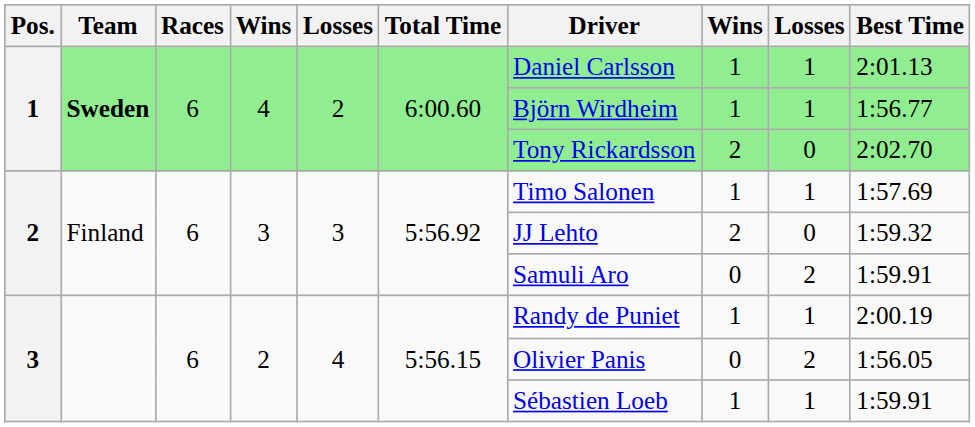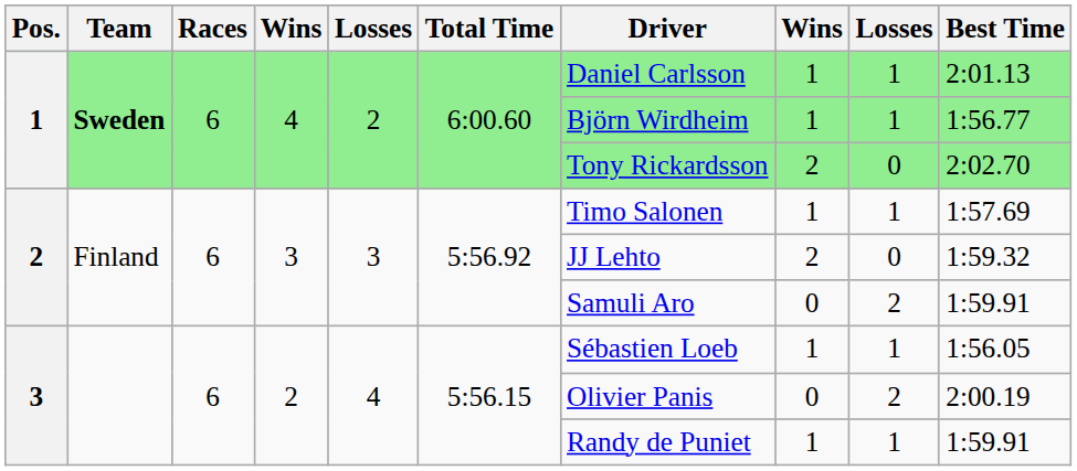 <table class="wikitable" style="font-size: 95%;">
 <tr>
 <th>Pos.</th>
 <th>Team</th>
 <th>Races</th>
 <th>Wins</th>
 <th>Losses</th>
 <th>Total Time</th>
 <th>Driver</th>
 <th>Wins</th>
 <th>Losses</th>
 <th>Best Time</th>
 </tr>
 <tr style="background:lightgreen;">
 <th rowspan=3>1</th>
 <td rowspan=3> <strong>Sweden</strong></td>
 <td rowspan=3 align=center>6</td>
 <td rowspan=3 align=center>4</td>
 <td rowspan=3 align=center>2</td>
 <td rowspan=3 align=center>6:00.60</td>
 <td> <a href='#'>Daniel Carlsson</a></td>
 <td align=center>1</td>
 <td align=center>1</td>
 <td>2:01.13</td>
 </tr>
 <tr style="background:lightgreen;">
 <td> <a href='#'>Björn Wirdheim</a></td>
 <td align=center>1</td>
 <td align=center>1</td>
 <td>1:56.77</td>
 </tr>
 <tr style="background:lightgreen;">
 <td> <a href='#'>Tony Rickardsson</a></td>
 <td align=center>2</td>
 <td align=center>0</td>
 <td>2:02.70</td>
 </tr>
 <tr>
 <th rowspan=3>2</th>
 <td rowspan=3>  Finland</td>
 <td rowspan=3 align=center>6</td>
 <td rowspan=3 align=center>3</td>
 <td rowspan=3 align=center>3</td>
 <td rowspan=3 align=center>5:56.92</td>
 <td> <a href='#'>Timo Salonen</a></td>
 <td align=center>1</td>
 <td align=center>1</td>
 <td>1:57.69</td>
 </tr>
 <tr>
 <td> <a href='#'>JJ Lehto</a></td>
 <td align=center>2</td>
 <td align=center>0</td>
 <td>1:59.32</td>
 </tr>
 <tr>
 <td> <a href='#'>Samuli Aro</a></td>
 <td align=center>0</td>
 <td align=center>2</td>
 <td>1:59.91</td>
 </tr>
 <tr>
 <th rowspan=3>3</th>
 <td rowspan=3></td>
 <td rowspan=3 align=center>6</td>
 <td rowspan=3 align=center>2</td>
 <td rowspan=3 align=center>4</td>
 <td rowspan=3 align=center>5:56.15</td>
-<td> <a href='#'>Randy de Puniet</a></td>
+<td> <a href='#'>Sébastien Loeb</a></td>
 <td align=center>1</td>
 <td align=center>1</td>
-<td>2:00.19</td>
+<td>1:56.05</td>
 </tr>
 <tr>
 <td> <a href='#'>Olivier Panis</a></td>
 <td align=center>0</td>
 <td align=center>2</td>
-<td>1:56.05</td>
+<td>2:00.19</td>
 </tr>
 <tr>
-<td> <a href='#'>Sébastien Loeb</a></td>
+<td> <a href='#'>Randy de Puniet</a></td>
 <td align=center>1</td>
 <td align=center>1</td>
 <td>1:59.91</td>
 </tr>
 </table>
